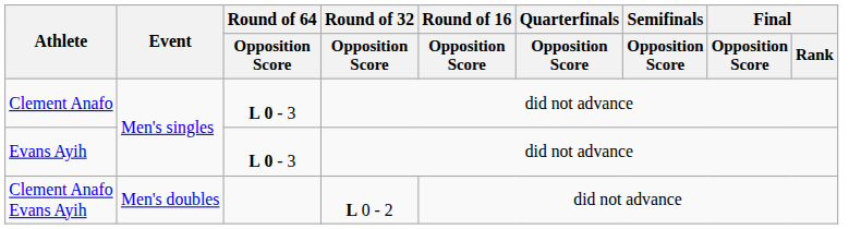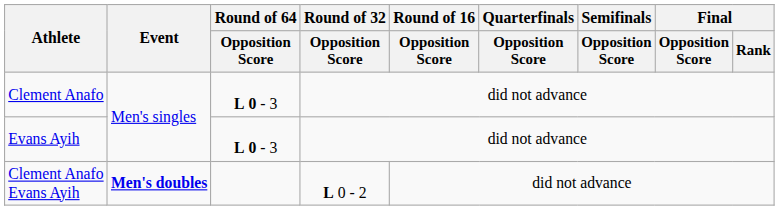 <table class=wikitable style=font-size:90%;text-align:center>
 <tr>
 <th rowspan=2>Athlete</th>
 <th rowspan=2>Event</th>
 <th>Round of 64</th>
 <th>Round of 32</th>
 <th>Round of 16</th>
 <th>Quarterfinals</th>
 <th>Semifinals</th>
 <th colspan=2>Final</th>
 </tr>
 <tr style=font-size:95%>
 <th>Opposition<br>Score</th>
 <th>Opposition<br>Score</th>
 <th>Opposition<br>Score</th>
 <th>Opposition<br>Score</th>
 <th>Opposition<br>Score</th>
 <th>Opposition<br>Score</th>
 <th>Rank</th>
 </tr>
 <tr>
 <td align=left><a href='#'>Clement Anafo</a></td>
 <td align=left rowspan=2><a href='#'>Men's singles</a></td>
 <td><br><strong>L</strong> <strong>0</strong> - 3</td>
 <td colspan=6>did not advance</td>
 </tr>
 <tr>
 <td align=left><a href='#'>Evans Ayih</a></td>
 <td><br><strong>L</strong> <strong>0</strong> - 3</td>
 <td colspan=6>did not advance</td>
 </tr>
 <tr>
 <td align=left><a href='#'>Clement Anafo</a> <br> <a href='#'>Evans Ayih</a></td>
-<td align=left><a href='#'>Men's doubles</a></td>
+<td align=left><strong><a href='#'>Men's doubles</a></strong></td>
 <td></td>
 <td><br><strong>L</strong> 0 - 2</td>
 <td colspan=5>did not advance</td>
 </tr>
 </table>
